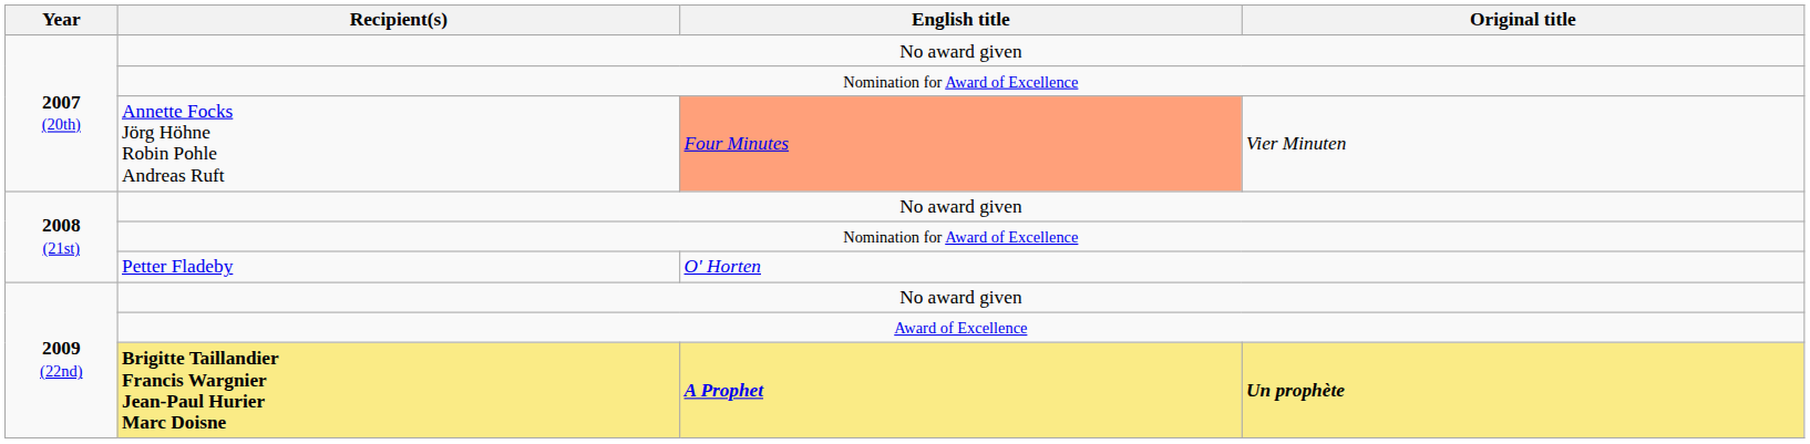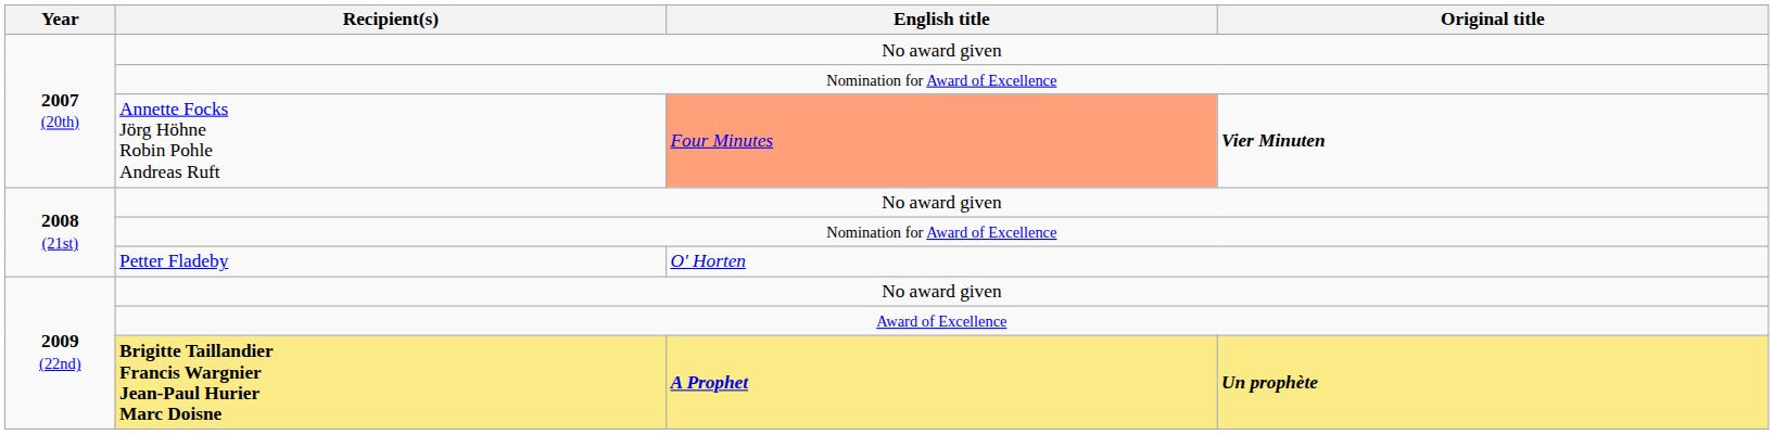 <table class="wikitable" width="95%" cellpadding="5">
 <tr>
 <th width="5%">Year</th>
 <th width="25%">Recipient(s)</th>
 <th width="25%">English title</th>
 <th width="25%">Original title</th>
 </tr>
 <tr>
 <td style="text-align:center;" rowspan=3><strong>2007</strong><small><br><a href='#'>(20th)</a></small></td>
 <td colspan=3 style="text-align:center;">No award given</td>
 </tr>
 <tr>
 <td colspan="3" style="text-align:center;"><small>Nomination for <a href='#'>Award of Excellence</a></small></td>
 </tr>
 <tr>
 <td> <a href='#'>Annette Focks</a><br> Jörg Höhne<br> Robin Pohle<br> Andreas Ruft</td>
 <td style="background: lightsalmon;"><em><a href='#'>Four Minutes</a></em></td>
-<td><em>Vier Minuten</em></td>
+<td><strong><em>Vier Minuten</em></strong></td>
 </tr>
 <tr>
 <td style="text-align:center;" rowspan=3><strong>2008</strong><br><small><a href='#'>(21st)</a></small></td>
 <td colspan=3 style="text-align:center;">No award given</td>
 </tr>
 <tr>
 <td colspan="3" style="text-align:center;"><small>Nomination for <a href='#'>Award of Excellence</a></small></td>
 </tr>
 <tr>
 <td> <a href='#'>Petter Fladeby</a></td>
 <td colspan="2"><em><a href='#'>O' Horten</a></em></td>
 </tr>
 <tr>
 <td style="text-align:center;" rowspan=3><strong>2009</strong><br><small><a href='#'>(22nd)</a></small></td>
 <td colspan=3 style="text-align:center;">No award given</td>
 </tr>
 <tr>
 <td colspan="3" style="text-align:center;"><small><a href='#'>Award of Excellence</a></small></td>
 </tr>
 <tr>
 <td style="background:#FAEB86;"><strong> Brigitte Taillandier<br> Francis Wargnier<br> Jean-Paul Hurier<br> Marc Doisne</strong></td>
 <td style="background:#FAEB86;"><strong><em><a href='#'>A Prophet</a></em></strong></td>
 <td style="background:#FAEB86;"><strong><em>Un prophète</em></strong></td>
 </tr>
 </table>
